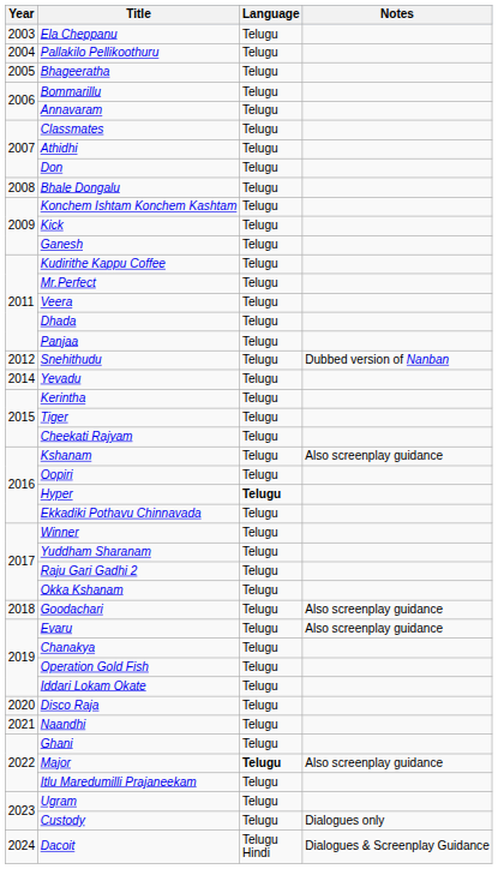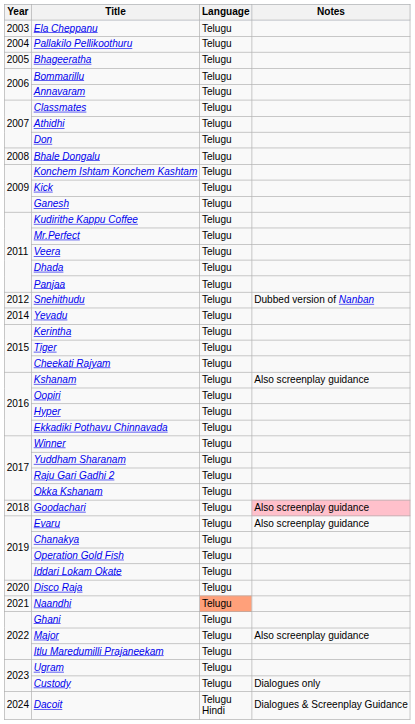 <table class="wikitable">
 <tr style="background:#d1e4fd;">
 <th>Year</th>
 <th>Title</th>
 <th>Language</th>
 <th>Notes</th>
 </tr>
 <tr>
 <td>2003</td>
 <td><em><a href='#'>Ela Cheppanu</a></em></td>
 <td>Telugu</td>
 <td></td>
 </tr>
 <tr>
 <td>2004</td>
 <td><em><a href='#'>Pallakilo Pellikoothuru</a></em></td>
 <td>Telugu</td>
 <td></td>
 </tr>
 <tr>
 <td>2005</td>
 <td><em><a href='#'>Bhageeratha</a></em></td>
 <td>Telugu</td>
 <td></td>
 </tr>
 <tr>
 <td rowspan="2">2006</td>
 <td><em><a href='#'>Bommarillu</a></em></td>
 <td>Telugu</td>
 <td></td>
 </tr>
 <tr>
 <td><em><a href='#'>Annavaram</a></em></td>
 <td>Telugu</td>
 <td></td>
 </tr>
 <tr>
 <td rowspan="3">2007</td>
 <td><em><a href='#'>Classmates</a></em></td>
 <td>Telugu</td>
 <td></td>
 </tr>
 <tr>
 <td><em><a href='#'>Athidhi</a></em></td>
 <td>Telugu</td>
 <td></td>
 </tr>
 <tr>
 <td><em><a href='#'>Don</a></em></td>
 <td>Telugu</td>
 <td></td>
 </tr>
 <tr>
 <td>2008</td>
 <td><em><a href='#'>Bhale Dongalu</a></em></td>
 <td>Telugu</td>
 <td></td>
 </tr>
 <tr>
 <td rowspan="3">2009</td>
 <td><em><a href='#'>Konchem Ishtam Konchem Kashtam</a></em></td>
 <td>Telugu</td>
 <td></td>
 </tr>
 <tr>
 <td><em><a href='#'>Kick</a></em></td>
 <td>Telugu</td>
 <td></td>
 </tr>
 <tr>
 <td><em><a href='#'>Ganesh</a></em></td>
 <td>Telugu</td>
 <td></td>
 </tr>
 <tr>
 <td rowspan="5">2011</td>
 <td><em><a href='#'>Kudirithe Kappu Coffee</a></em></td>
 <td>Telugu</td>
 <td></td>
 </tr>
 <tr>
 <td><em><a href='#'>Mr.Perfect</a></em></td>
 <td>Telugu</td>
 <td></td>
 </tr>
 <tr>
 <td><em><a href='#'>Veera</a></em></td>
 <td>Telugu</td>
 <td></td>
 </tr>
 <tr>
 <td><em><a href='#'>Dhada</a></em></td>
 <td>Telugu</td>
 <td></td>
 </tr>
 <tr>
 <td><em><a href='#'>Panjaa</a></em></td>
 <td>Telugu</td>
 <td></td>
 </tr>
 <tr>
 <td>2012</td>
 <td><em><a href='#'>Snehithudu</a></em></td>
 <td>Telugu</td>
 <td>Dubbed version of <em><a href='#'>Nanban</a></em></td>
 </tr>
 <tr>
 <td>2014</td>
 <td><em><a href='#'>Yevadu</a></em></td>
 <td>Telugu</td>
 <td></td>
 </tr>
 <tr>
 <td rowspan="3">2015</td>
 <td><em><a href='#'>Kerintha</a></em></td>
 <td>Telugu</td>
 <td></td>
 </tr>
 <tr>
 <td><em><a href='#'>Tiger</a></em></td>
 <td>Telugu</td>
 <td></td>
 </tr>
 <tr>
 <td><em><a href='#'>Cheekati Rajyam</a></em></td>
 <td>Telugu</td>
 <td></td>
 </tr>
 <tr>
 <td rowspan="4">2016</td>
 <td><em><a href='#'>Kshanam</a></em></td>
 <td>Telugu</td>
 <td>Also screenplay guidance</td>
 </tr>
 <tr>
 <td><em><a href='#'>Oopiri</a></em></td>
 <td>Telugu</td>
 <td></td>
 </tr>
 <tr>
 <td><em><a href='#'>Hyper</a></em></td>
-<td><strong>Telugu</strong></td>
+<td>Telugu</td>
 <td></td>
 </tr>
 <tr>
 <td><em><a href='#'>Ekkadiki Pothavu Chinnavada</a></em></td>
 <td>Telugu</td>
 <td></td>
 </tr>
 <tr>
 <td rowspan="4">2017</td>
 <td><em><a href='#'>Winner</a></em></td>
 <td>Telugu</td>
 <td></td>
 </tr>
 <tr>
 <td><em><a href='#'>Yuddham Sharanam</a></em></td>
 <td>Telugu</td>
 <td></td>
 </tr>
 <tr>
 <td><em><a href='#'>Raju Gari Gadhi 2</a></em></td>
 <td>Telugu</td>
 <td></td>
 </tr>
 <tr>
 <td><em><a href='#'>Okka Kshanam</a></em></td>
 <td>Telugu</td>
 <td></td>
 </tr>
 <tr>
 <td>2018</td>
 <td><em><a href='#'>Goodachari</a></em></td>
 <td>Telugu</td>
-<td>Also screenplay guidance</td>
+<td style="background: pink;">Also screenplay guidance</td>
 </tr>
 <tr>
 <td rowspan="4">2019</td>
 <td><em><a href='#'>Evaru</a></em></td>
 <td>Telugu</td>
 <td>Also screenplay guidance</td>
 </tr>
 <tr>
 <td><em><a href='#'>Chanakya</a></em></td>
 <td>Telugu</td>
 <td></td>
 </tr>
 <tr>
 <td><em><a href='#'>Operation Gold Fish</a></em></td>
 <td>Telugu</td>
 <td></td>
 </tr>
 <tr>
 <td><em><a href='#'>Iddari Lokam Okate</a></em></td>
 <td>Telugu</td>
 <td></td>
 </tr>
 <tr>
 <td>2020</td>
 <td><em><a href='#'>Disco Raja</a></em></td>
 <td>Telugu</td>
 <td></td>
 </tr>
 <tr>
 <td>2021</td>
 <td><em><a href='#'>Naandhi</a></em></td>
-<td>Telugu</td>
+<td style="background: lightsalmon;">Telugu</td>
 <td></td>
 </tr>
 <tr>
 <td rowspan="3">2022</td>
 <td><em><a href='#'>Ghani</a></em></td>
 <td>Telugu</td>
 <td></td>
 </tr>
 <tr>
 <td><em><a href='#'>Major</a></em></td>
-<td><strong>Telugu</strong></td>
+<td>Telugu</td>
 <td>Also screenplay guidance</td>
 </tr>
 <tr>
 <td><em><a href='#'>Itlu Maredumilli Prajaneekam</a></em></td>
 <td>Telugu</td>
 <td></td>
 </tr>
 <tr>
 <td rowspan="2">2023</td>
 <td><em><a href='#'>Ugram</a></em></td>
 <td>Telugu</td>
 <td></td>
 </tr>
 <tr>
 <td><em><a href='#'>Custody</a></em></td>
 <td>Telugu</td>
 <td>Dialogues only</td>
 </tr>
 <tr>
 <td>2024</td>
 <td><em><a href='#'>Dacoit</a></em></td>
 <td>Telugu<br>Hindi</td>
 <td>Dialogues & Screenplay Guidance</td>
 </tr>
 </table>
